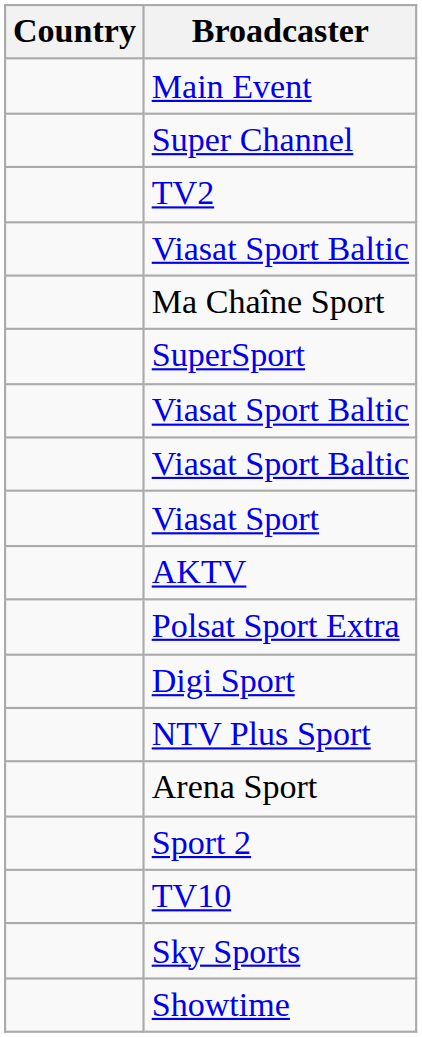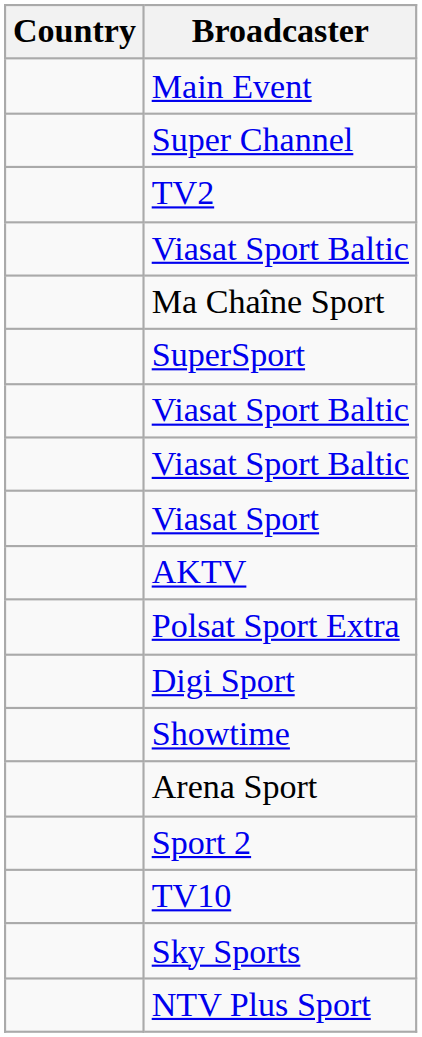 <table class="wikitable">
 <tr>
 <th align=center>Country</th>
 <th align=center>Broadcaster</th>
 </tr>
 <tr>
 <td></td>
 <td><a href='#'>Main Event</a></td>
 </tr>
 <tr>
 <td></td>
 <td><a href='#'>Super Channel</a></td>
 </tr>
 <tr>
 <td></td>
 <td><a href='#'>TV2</a></td>
 </tr>
 <tr>
 <td></td>
 <td><a href='#'>Viasat Sport Baltic</a></td>
 </tr>
 <tr>
 <td></td>
 <td>Ma Chaîne Sport</td>
 </tr>
 <tr>
 <td></td>
 <td><a href='#'>SuperSport</a></td>
 </tr>
 <tr>
 <td></td>
 <td><a href='#'>Viasat Sport Baltic</a></td>
 </tr>
 <tr>
 <td></td>
 <td><a href='#'>Viasat Sport Baltic</a></td>
 </tr>
 <tr>
 <td></td>
 <td><a href='#'>Viasat Sport</a></td>
 </tr>
 <tr>
 <td></td>
 <td><a href='#'>AKTV</a></td>
 </tr>
 <tr>
 <td></td>
 <td><a href='#'>Polsat Sport Extra</a></td>
 </tr>
 <tr>
 <td></td>
 <td><a href='#'>Digi Sport</a></td>
 </tr>
 <tr>
 <td></td>
-<td><a href='#'>NTV Plus Sport</a></td>
+<td><a href='#'>Showtime</a></td>
 </tr>
 <tr>
 <td></td>
 <td>Arena Sport</td>
 </tr>
 <tr>
 <td></td>
 <td><a href='#'>Sport 2</a></td>
 </tr>
 <tr>
 <td></td>
 <td><a href='#'>TV10</a></td>
 </tr>
 <tr>
 <td></td>
 <td><a href='#'>Sky Sports</a></td>
 </tr>
 <tr>
 <td></td>
-<td><a href='#'>Showtime</a></td>
+<td><a href='#'>NTV Plus Sport</a></td>
 </tr>
 </table>
